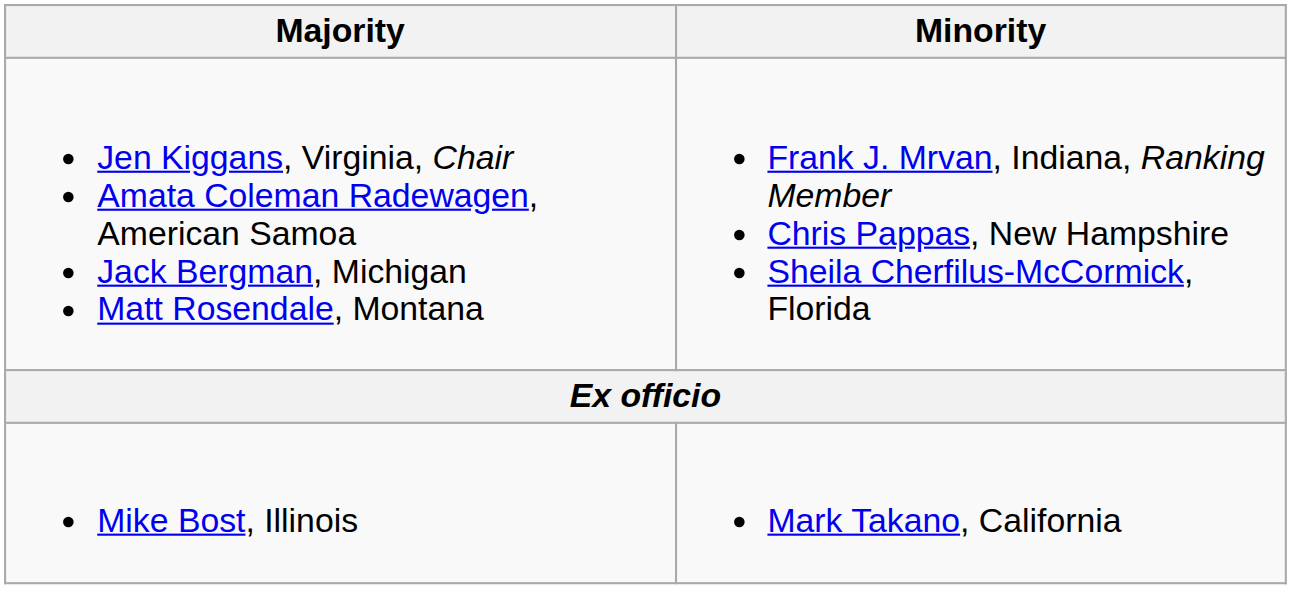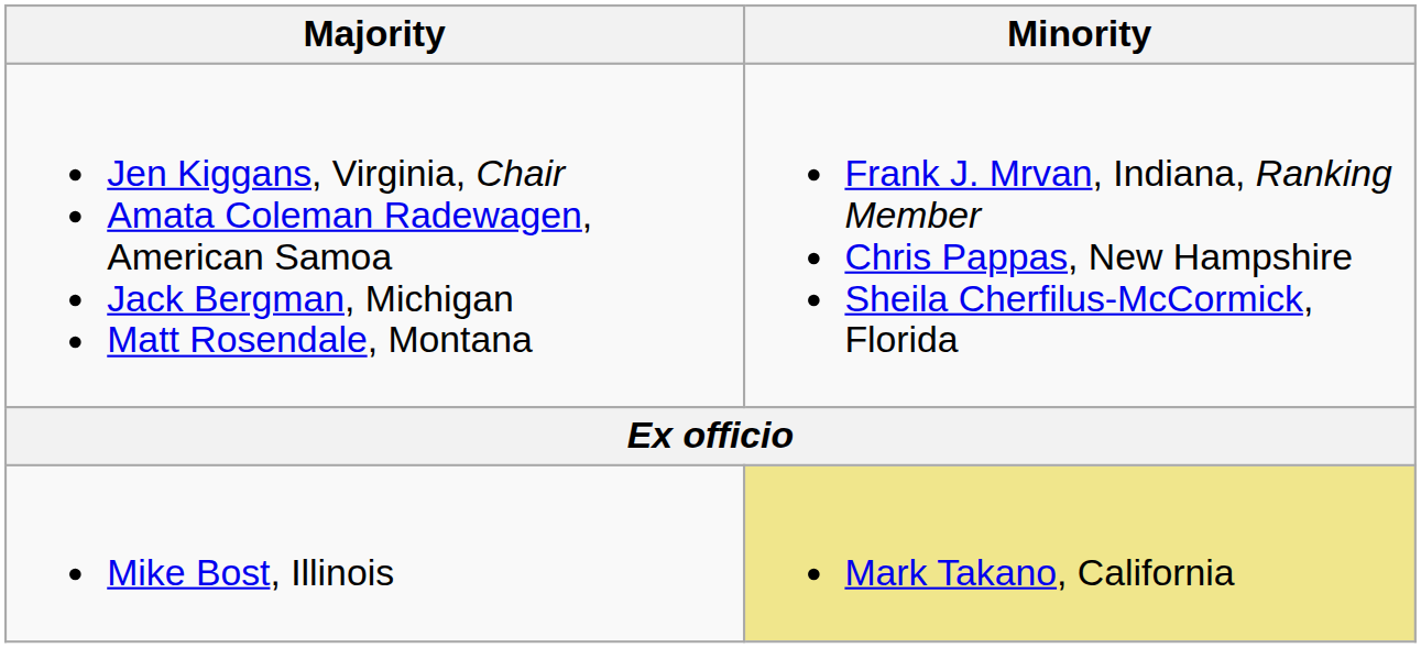 <table class=wikitable>
 <tr>
 <th>Majority</th>
 <th>Minority</th>
 </tr>
 <tr>
 <td><br><ul><li><a href='#'>Jen Kiggans</a>, Virginia, <em>Chair</em></li><li><a href='#'>Amata Coleman Radewagen</a>, American Samoa</li><li><a href='#'>Jack Bergman</a>, Michigan</li><li><a href='#'>Matt Rosendale</a>, Montana</li></ul></td>
 <td><br><ul><li><a href='#'>Frank J. Mrvan</a>, Indiana, <em>Ranking Member</em></li><li><a href='#'>Chris Pappas</a>, New Hampshire</li><li><a href='#'>Sheila Cherfilus-McCormick</a>, Florida</li></ul></td>
 </tr>
 <tr>
 <th colspan=2><em>Ex officio</em></th>
 </tr>
 <tr>
 <td><br><ul><li><a href='#'>Mike Bost</a>, Illinois</li></ul></td>
-<td><br><ul><li><a href='#'>Mark Takano</a>, California</li></ul></td>
+<td style="background: khaki;"><br><ul><li><a href='#'>Mark Takano</a>, California</li></ul></td>
 </tr>
 </table>
